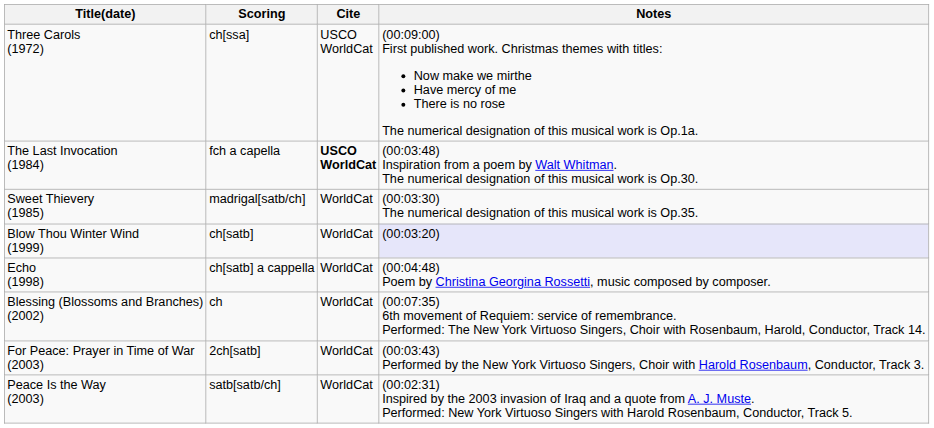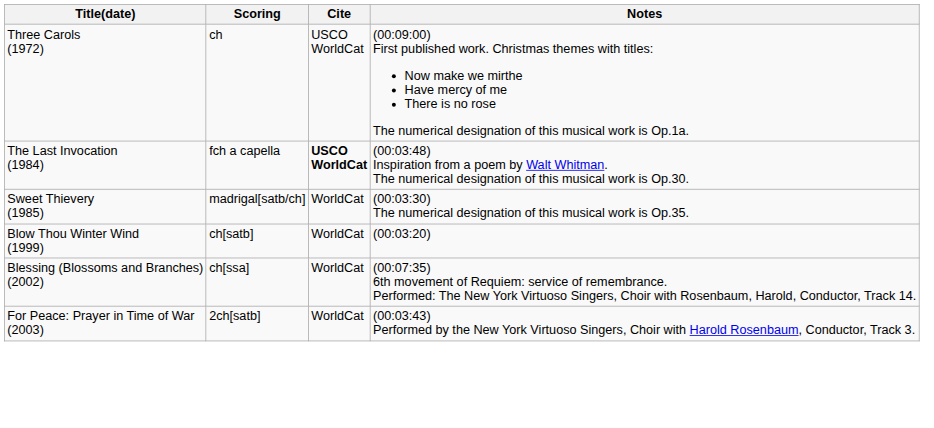 <table class="sortable wikitable" style="margins:auto; width=95%;">
 <tr>
 <th width="">Title(date)</th>
 <th width="">Scoring</th>
 <th width="">Cite</th>
 <th width="">Notes</th>
 </tr>
 <tr valign="top">
 <td>Three Carols<br>(1972)</td>
-<td>ch[ssa]</td>
+<td>ch</td>
 <td>USCO<br>WorldCat</td>
 <td>(00:09:00)<br>First published work. Christmas themes with titles:<ul><li>Now make we mirthe</li><li>Have mercy of me</li><li>There is no rose</li></ul>The numerical designation of this musical work is Op.1a.</td>
 </tr>
 <tr valign="top">
 <td>The Last Invocation<br>(1984)</td>
 <td>fch a capella</td>
 <td><strong>USCO<br>WorldCat</strong></td>
 <td>(00:03:48)<br>Inspiration from a poem by <a href='#'>Walt Whitman</a>.<br>The numerical designation of this musical work is Op.30.</td>
 </tr>
 <tr valign="top">
 <td>Sweet Thievery<br>(1985)</td>
 <td>madrigal[satb/ch]</td>
 <td>WorldCat</td>
 <td>(00:03:30)<br>The numerical designation of this musical work is Op.35.</td>
 </tr>
 <tr valign="top">
 <td>Blow Thou Winter Wind<br>(1999)</td>
 <td>ch[satb]</td>
 <td>WorldCat</td>
-<td style="background: lavender;">(00:03:20)</td>
-</tr>
-<tr valign="top">
-<td>Echo<br>(1998)</td>
-<td>ch[satb] a cappella</td>
-<td>WorldCat</td>
-<td>(00:04:48)<br>Poem by <a href='#'>Christina Georgina Rossetti</a>, music composed by composer.</td>
+<td>(00:03:20)</td>
 </tr>
 <tr valign="top">
 <td>Blessing (Blossoms and Branches)<br>(2002)</td>
-<td>ch</td>
+<td>ch[ssa]</td>
 <td>WorldCat</td>
 <td>(00:07:35)<br>6th movement of Requiem: service of remembrance.<br>Performed: The New York Virtuoso Singers, Choir with Rosenbaum, Harold, Conductor, Track 14.</td>
 </tr>
 <tr valign="top">
 <td>For Peace: Prayer in Time of War<br>(2003)</td>
 <td>2ch[satb]</td>
 <td>WorldCat</td>
 <td>(00:03:43)<br>Performed by the New York Virtuoso Singers, Choir with <a href='#'>Harold Rosenbaum</a>, Conductor, Track 3.</td>
 </tr>
-<tr valign="top">
-<td>Peace Is the Way<br>(2003)</td>
-<td>satb[satb/ch]</td>
-<td>WorldCat</td>
-<td>(00:02:31)<br>Inspired by the 2003 invasion of Iraq and a quote from <a href='#'>A. J. Muste</a>.<br>Performed: New York Virtuoso Singers with Harold Rosenbaum,  Conductor, Track 5.</td>
-</tr>
 </table>
